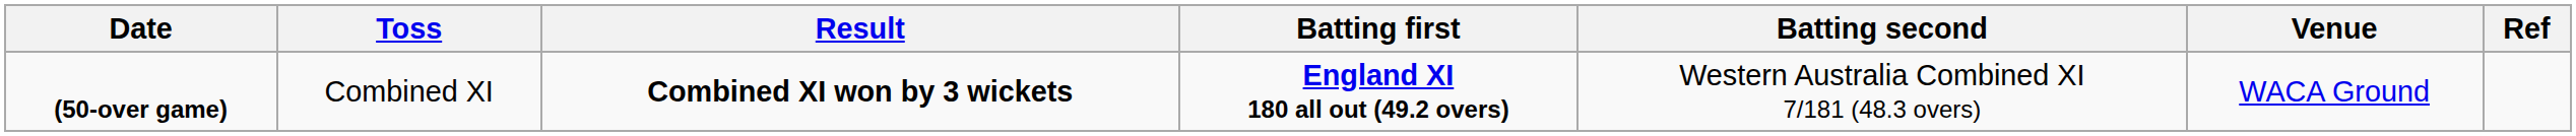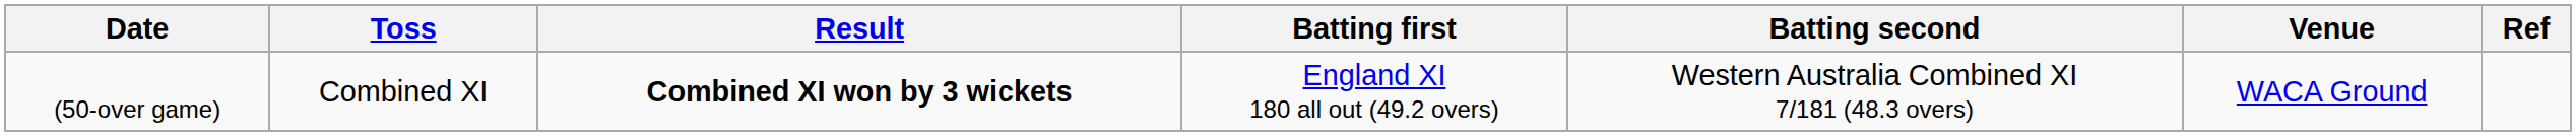 <table class="wikitable" style="font-size:90%; width: 100%; text-align: center;">
 <tr>
 <th>Date</th>
 <th><a href='#'>Toss</a></th>
 <th><a href='#'>Result</a></th>
 <th>Batting first</th>
 <th>Batting second</th>
 <th>Venue</th>
 <th>Ref</th>
 </tr>
 <tr>
-<td><strong><br><small>(50-over game)</small></strong></td>
+<td><br><small>(50-over game)</small></td>
 <td>Combined XI</td>
 <td><strong>Combined XI won by 3 wickets</strong></td>
-<td><strong><a href='#'>England XI</a><br><small>180 all out (49.2 overs)</small></strong></td>
+<td><a href='#'>England XI</a><br><small>180 all out (49.2 overs)</small></td>
 <td>Western Australia Combined XI<br><small>7/181 (48.3 overs)</small></td>
 <td><a href='#'>WACA Ground</a></td>
 <td></td>
 </tr>
 </table>
